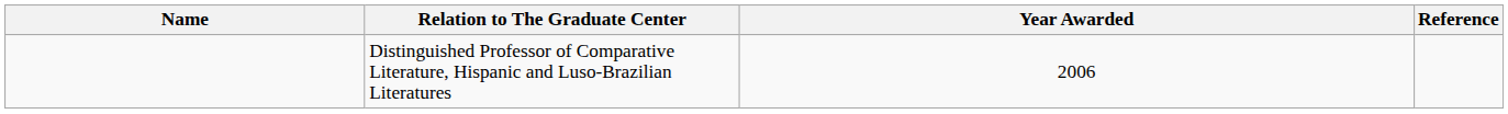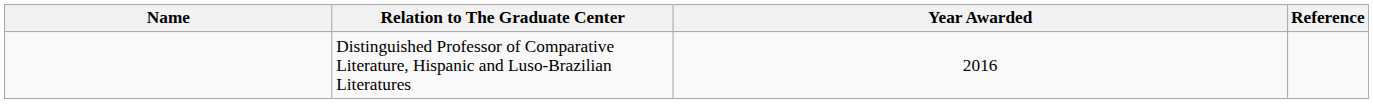 <table class="wikitable sortable" style="width:100%">
 <tr>
 <th style="width:*;">Name</th>
 <th style="width:25%;">Relation to The Graduate Center</th>
 <th style="width:45%;">Year Awarded</th>
 <th style="width:5%;" class="unsortable">Reference</th>
 </tr>
 <tr>
 <td></td>
 <td>Distinguished Professor of Comparative Literature, Hispanic and Luso-Brazilian Literatures</td>
-<td style="text-align:center;">2006</td>
+<td style="text-align:center;">2016</td>
 <td style="text-align:center;"></td>
 </tr>
 </table>
